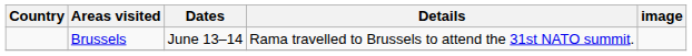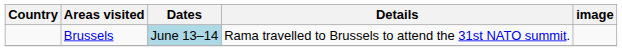 <table class="wikitable sortable" style="margin: 1em auto 1em auto">
 <tr>
 <th>Country</th>
 <th>Areas visited</th>
 <th>Dates</th>
 <th class="unsortable">Details</th>
 <th>image</th>
 </tr>
 <tr>
 <td></td>
 <td><a href='#'>Brussels</a></td>
-<td>June 13–14</td>
+<td style="background: lightblue;">June 13–14</td>
 <td>Rama travelled to Brussels to attend the <a href='#'>31st NATO summit</a>.</td>
 <td></td>
 </tr>
 <tr>
 </tr>
 </table>
